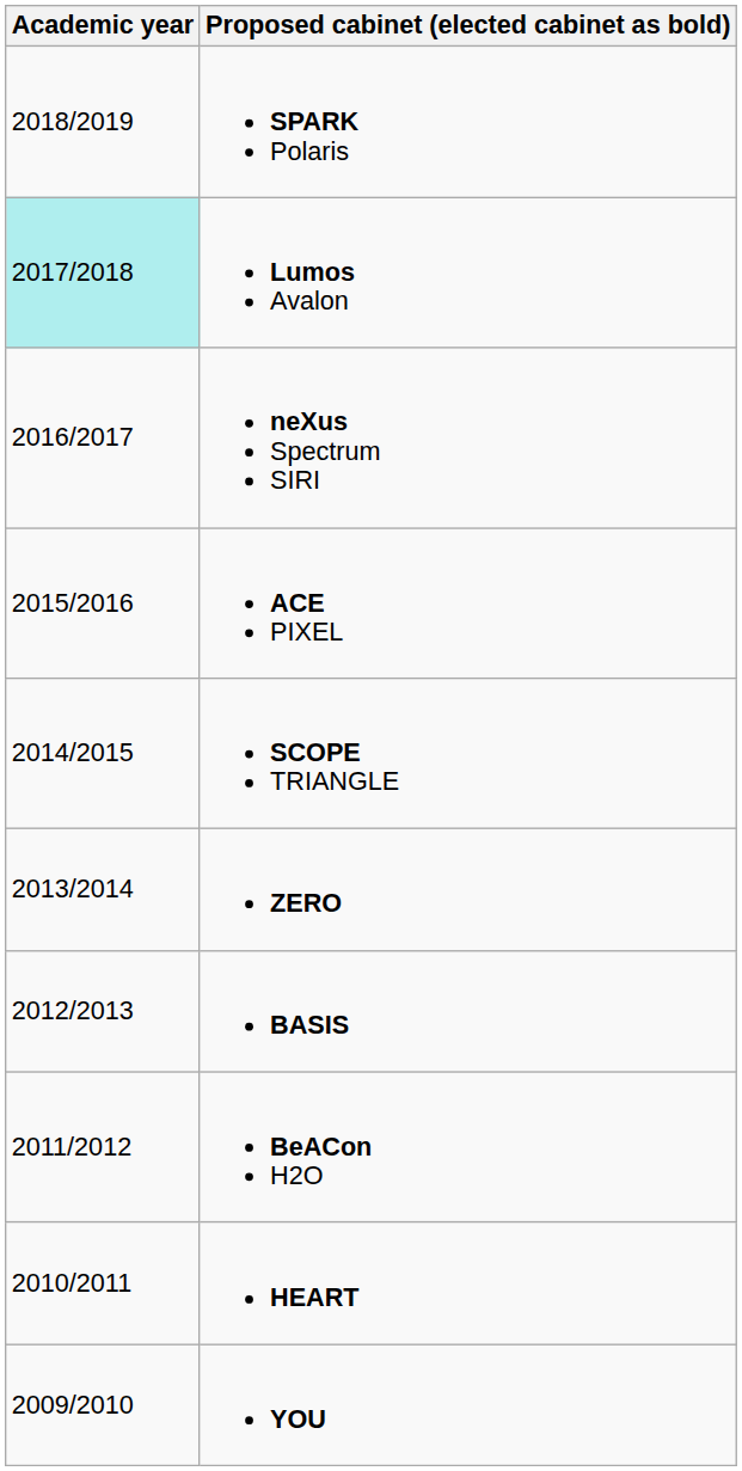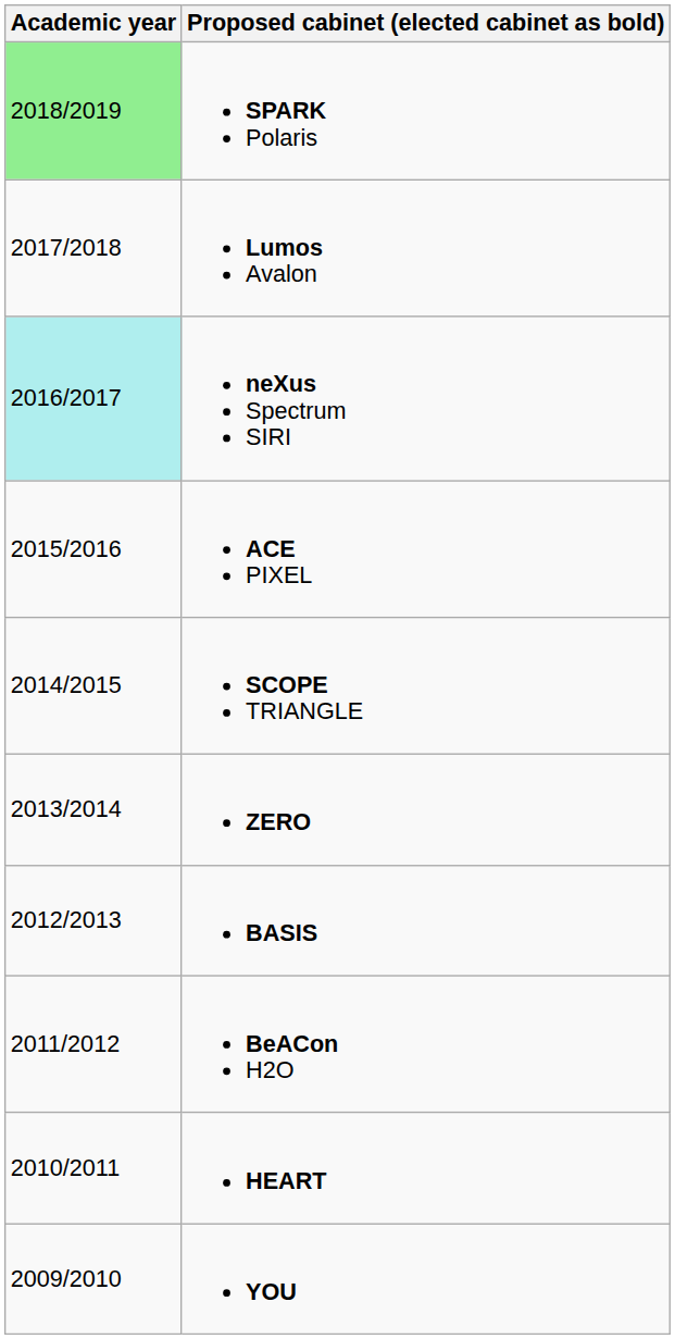 <table class="wikitable">
 <tr>
 <th>Academic year</th>
 <th>Proposed cabinet (elected cabinet as bold)</th>
 </tr>
 <tr>
-<td>2018/2019</td>
+<td style="background: lightgreen;">2018/2019</td>
 <td><br><ul><li><strong>SPARK</strong></li><li>Polaris</li></ul></td>
 </tr>
 <tr>
-<td style="background: paleturquoise;">2017/2018</td>
+<td>2017/2018</td>
 <td><br><ul><li><strong>Lumos</strong></li><li>Avalon</li></ul></td>
 </tr>
 <tr>
-<td>2016/2017</td>
+<td style="background: paleturquoise;">2016/2017</td>
 <td><br><ul><li><strong>neXus</strong></li><li>Spectrum</li><li>SIRI</li></ul></td>
 </tr>
 <tr>
 <td>2015/2016</td>
 <td><br><ul><li><strong>ACE</strong></li><li>PIXEL</li></ul></td>
 </tr>
 <tr>
 <td>2014/2015</td>
 <td><br><ul><li><strong>SCOPE</strong></li><li>TRIANGLE</li></ul></td>
 </tr>
 <tr>
 <td>2013/2014</td>
 <td><br><ul><li><strong>ZERO</strong></li></ul></td>
 </tr>
 <tr>
 <td>2012/2013</td>
 <td><br><ul><li><strong>BASIS</strong></li></ul></td>
 </tr>
 <tr>
 <td>2011/2012</td>
 <td><br><ul><li><strong>BeACon</strong></li><li>H2O</li></ul></td>
 </tr>
 <tr>
 <td>2010/2011</td>
 <td><br><ul><li><strong>HEART</strong></li></ul></td>
 </tr>
 <tr>
 <td>2009/2010</td>
 <td><br><ul><li><strong>YOU</strong></li></ul></td>
 </tr>
 </table>
